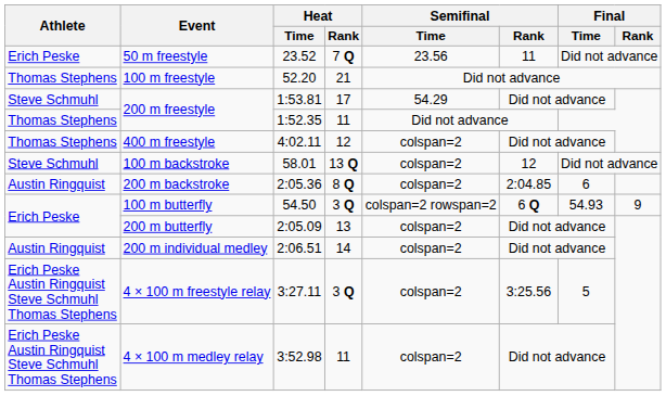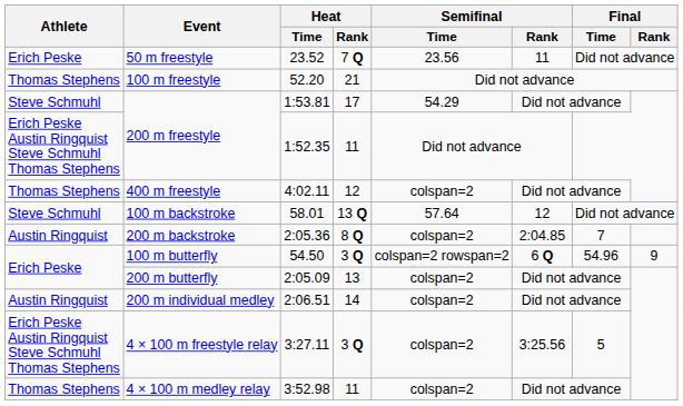 <table class=wikitable style=font-size:90%;text-align:center>
 <tr>
 <th rowspan=2>Athlete</th>
 <th rowspan=2>Event</th>
 <th colspan=2>Heat</th>
 <th colspan=2>Semifinal</th>
 <th colspan=2>Final</th>
 </tr>
 <tr style=font-size:95%>
 <th>Time</th>
 <th>Rank</th>
 <th>Time</th>
 <th>Rank</th>
 <th>Time</th>
 <th>Rank</th>
 </tr>
 <tr>
 <td align=left><a href='#'>Erich Peske</a></td>
 <td align=left><a href='#'>50 m freestyle</a></td>
 <td>23.52</td>
 <td>7 <strong>Q</strong></td>
 <td>23.56</td>
 <td>11</td>
 <td colspan=2>Did not advance</td>
 </tr>
 <tr>
 <td align=left><a href='#'>Thomas Stephens</a></td>
 <td align=left><a href='#'>100 m freestyle</a></td>
 <td>52.20</td>
 <td>21</td>
 <td colspan=4>Did not advance</td>
 </tr>
 <tr>
 <td align=left><a href='#'>Steve Schmuhl</a></td>
 <td align=left rowspan=2><a href='#'>200 m freestyle</a></td>
 <td>1:53.81</td>
 <td>17</td>
 <td>54.29</td>
 <td colspan=2>Did not advance</td>
 </tr>
 <tr>
-<td align=left><a href='#'>Thomas Stephens</a></td>
+<td align=left><a href='#'>Erich Peske</a><br><a href='#'>Austin Ringquist</a><br><a href='#'>Steve Schmuhl</a><br><a href='#'>Thomas Stephens</a></td>
 <td>1:52.35</td>
 <td>11</td>
 <td colspan=2>Did not advance</td>
 </tr>
 <tr>
 <td align=left><a href='#'>Thomas Stephens</a></td>
 <td align=left><a href='#'>400 m freestyle</a></td>
 <td>4:02.11</td>
 <td>12</td>
 <td>colspan=2 </td>
 <td colspan=2>Did not advance</td>
 </tr>
 <tr>
 <td align=left><a href='#'>Steve Schmuhl</a></td>
 <td align=left><a href='#'>100 m backstroke</a></td>
 <td>58.01</td>
 <td>13 <strong>Q</strong></td>
-<td>colspan=2 </td>
+<td>57.64</td>
 <td>12</td>
 <td colspan=2>Did not advance</td>
 </tr>
 <tr>
 <td align=left><a href='#'>Austin Ringquist</a></td>
 <td align=left><a href='#'>200 m backstroke</a></td>
 <td>2:05.36</td>
 <td>8 <strong>Q</strong></td>
 <td>colspan=2 </td>
 <td>2:04.85</td>
-<td>6</td>
+<td>7</td>
 </tr>
 <tr>
 <td align=left rowspan=2><a href='#'>Erich Peske</a></td>
 <td align=left><a href='#'>100 m butterfly</a></td>
 <td>54.50</td>
 <td>3 <strong>Q</strong></td>
 <td>colspan=2 rowspan=2 </td>
 <td>6 <strong>Q</strong></td>
-<td>54.93</td>
+<td>54.96</td>
 <td>9</td>
 </tr>
 <tr>
 <td align=left><a href='#'>200 m butterfly</a></td>
 <td>2:05.09</td>
 <td>13</td>
 <td>colspan=2 </td>
 <td colspan=2>Did not advance</td>
 </tr>
 <tr>
 <td align=left><a href='#'>Austin Ringquist</a></td>
 <td align=left><a href='#'>200 m individual medley</a></td>
 <td>2:06.51</td>
 <td>14</td>
 <td>colspan=2 </td>
 <td colspan=2>Did not advance</td>
 </tr>
 <tr>
 <td align=left><a href='#'>Erich Peske</a><br><a href='#'>Austin Ringquist</a><br><a href='#'>Steve Schmuhl</a><br><a href='#'>Thomas Stephens</a></td>
 <td align=left><a href='#'>4 × 100 m freestyle relay</a></td>
 <td>3:27.11</td>
 <td>3 <strong>Q</strong></td>
 <td>colspan=2 </td>
 <td>3:25.56</td>
 <td>5</td>
 </tr>
 <tr>
-<td align=left><a href='#'>Erich Peske</a><br><a href='#'>Austin Ringquist</a><br><a href='#'>Steve Schmuhl</a><br><a href='#'>Thomas Stephens</a></td>
+<td align=left><a href='#'>Thomas Stephens</a></td>
 <td align=left><a href='#'>4 × 100 m medley relay</a></td>
 <td align=center>3:52.98</td>
 <td align=center>11</td>
 <td>colspan=2 </td>
 <td colspan=2>Did not advance</td>
 </tr>
 </table>
